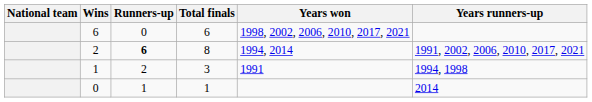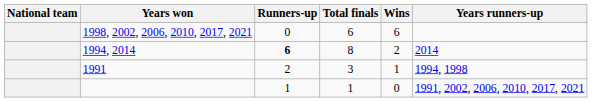 <table class="wikitable plainrowheaders sortable">
 <tr>
 <th scope="col">National team</th>
-<th scope="col">Wins</th>
+<th scope="col" class="unsortable">Years won</th>
 <th scope="col">Runners-up</th>
 <th scope="col">Total finals</th>
-<th scope="col" class="unsortable">Years won</th>
+<th scope="col">Wins</th>
 <th scope="col" class="unsortable">Years runners-up</th>
 </tr>
 <tr>
 <th scope="row"></th>
-<td align="center">6</td>
+<td><a href='#'>1998</a>, <a href='#'>2002</a>, <a href='#'>2006</a>, <a href='#'>2010</a>, <a href='#'>2017</a>, <a href='#'>2021</a></td>
 <td align="center">0</td>
 <td align="center">6</td>
-<td><a href='#'>1998</a>, <a href='#'>2002</a>, <a href='#'>2006</a>, <a href='#'>2010</a>, <a href='#'>2017</a>, <a href='#'>2021</a></td>
+<td align="center">6</td>
 <td></td>
 </tr>
 <tr>
 <th scope="row"></th>
-<td align="center">2</td>
+<td><a href='#'>1994</a>, <a href='#'>2014</a></td>
 <td align="center"><strong>6</strong></td>
 <td align="center">8</td>
-<td><a href='#'>1994</a>, <a href='#'>2014</a></td>
-<td><a href='#'>1991</a>, <a href='#'>2002</a>, <a href='#'>2006</a>, <a href='#'>2010</a>, <a href='#'>2017</a>, <a href='#'>2021</a></td>
+<td align="center">2</td>
+<td><a href='#'>2014</a></td>
 </tr>
 <tr>
 <th scope="row"></th>
-<td align="center">1</td>
+<td><a href='#'>1991</a></td>
 <td align="center">2</td>
 <td align="center">3</td>
-<td><a href='#'>1991</a></td>
+<td align="center">1</td>
 <td><a href='#'>1994</a>, <a href='#'>1998</a></td>
 </tr>
 <tr>
 <th scope="row"></th>
-<td align="center">0</td>
+<td></td>
 <td align="center">1</td>
 <td align="center">1</td>
-<td></td>
-<td><a href='#'>2014</a></td>
+<td align="center">0</td>
+<td><a href='#'>1991</a>, <a href='#'>2002</a>, <a href='#'>2006</a>, <a href='#'>2010</a>, <a href='#'>2017</a>, <a href='#'>2021</a></td>
 </tr>
 </table>
